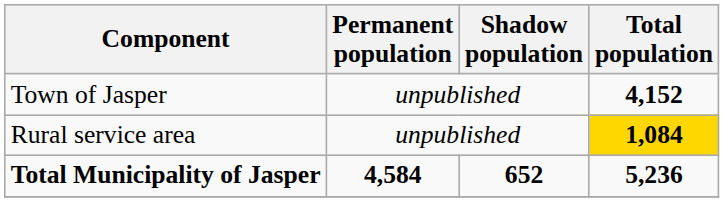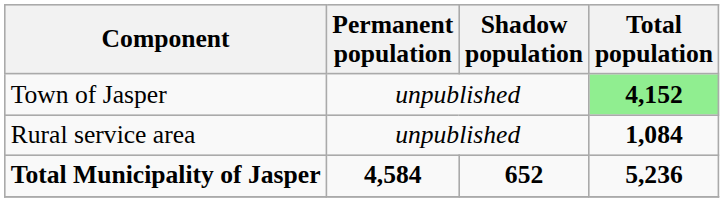 <table class="wikitable">
 <tr>
 <th>Component</th>
 <th>Permanent<br>population</th>
 <th>Shadow<br>population</th>
 <th>Total<br>population</th>
 </tr>
 <tr>
 <td>Town of Jasper</td>
 <td colspan=2 align=center><em>unpublished</em></td>
-<td align=center><strong>4,152</strong></td>
+<td align=center style="background: lightgreen;"><strong>4,152</strong></td>
 </tr>
 <tr>
 <td>Rural service area</td>
 <td colspan=2 align=center><em>unpublished</em></td>
-<td align=center style="background: gold;"><strong>1,084</strong></td>
+<td align=center><strong>1,084</strong></td>
 </tr>
 <tr>
 <td><strong>Total Municipality of Jasper</strong></td>
 <td align=center><strong>4,584</strong></td>
 <td align=center><strong>652</strong></td>
 <td align=center><strong>5,236</strong></td>
 </tr>
 <tr>
 </tr>
 </table>
